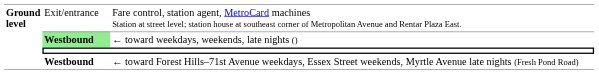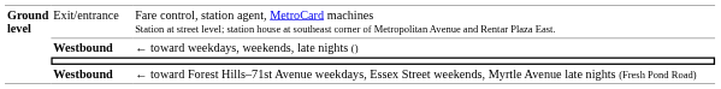 <table table border=0 cellspacing=0 cellpadding=3>
 <tr>
 <td style="border-top:solid 1px gray;border-bottom:solid 1px gray;vertical-align:top;" width=50 rowspan=4><strong>Ground level</strong></td>
 <td style="border-top:solid 1px gray;vertical-align:top;" width=100>Exit/entrance</td>
 <td style="border-top:solid 1px gray;" width=750>Fare control, station agent, <a href='#'>MetroCard</a> machines<br> <small> Station at street level; station house at southeast corner of Metropolitan Avenue and Rentar Plaza East.</small></td>
 </tr>
 <tr>
-<td style="background: lightgreen; border-top:solid 1px gray;"><span><strong>Westbound</strong></span></td>
+<td style="border-top:solid 1px gray;"><span><strong>Westbound</strong></span></td>
 <td style="border-top:solid 1px gray;">←  toward  weekdays,  weekends,  late nights <small>()</small></td>
 </tr>
 <tr>
 <td style="border-top:solid 2px black;border-right:solid 2px black;border-left:solid 2px black;border-bottom:solid 2px black;text-align:center;" colspan=2></td>
 </tr>
 <tr>
 <td style="border-bottom:solid 1px gray;"><span><strong>Westbound</strong></span></td>
 <td style="border-bottom:solid 1px gray;">←  toward  Forest Hills–71st Avenue weekdays, Essex Street weekends, Myrtle Avenue late nights <small>(Fresh Pond Road)</small></td>
 </tr>
 </table>
